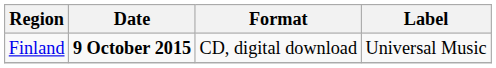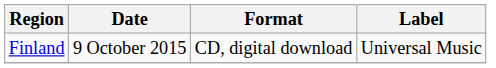 <table class=wikitable>
 <tr>
 <th>Region</th>
 <th>Date</th>
 <th>Format</th>
 <th>Label</th>
 </tr>
 <tr>
 <td><a href='#'>Finland</a></td>
-<td><strong>9 October 2015</strong></td>
+<td>9 October 2015</td>
 <td>CD, digital download</td>
 <td>Universal Music</td>
 </tr>
 <tr>
 </tr>
 </table>
